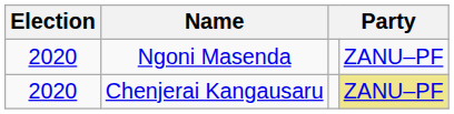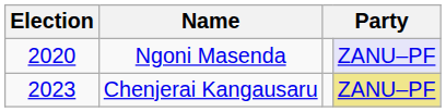 <table class="wikitable" style="text-align:center">
 <tr>
 <th>Election</th>
 <th>Name</th>
 <th colspan="2">Party</th>
 </tr>
 <tr>
 <td><a href='#'>2020</a></td>
 <td><a href='#'>Ngoni Masenda</a></td>
 <td style="background-color: "></td>
-<td><a href='#'>ZANU–PF</a></td>
+<td style="background: lavender;"><a href='#'>ZANU–PF</a></td>
 </tr>
 <tr>
-<td><a href='#'>2020</a></td>
+<td><a href='#'>2023</a></td>
 <td><a href='#'>Chenjerai Kangausaru</a></td>
 <td style="background-color: "></td>
 <td style="background: khaki;"><a href='#'>ZANU–PF</a></td>
 </tr>
 </table>
